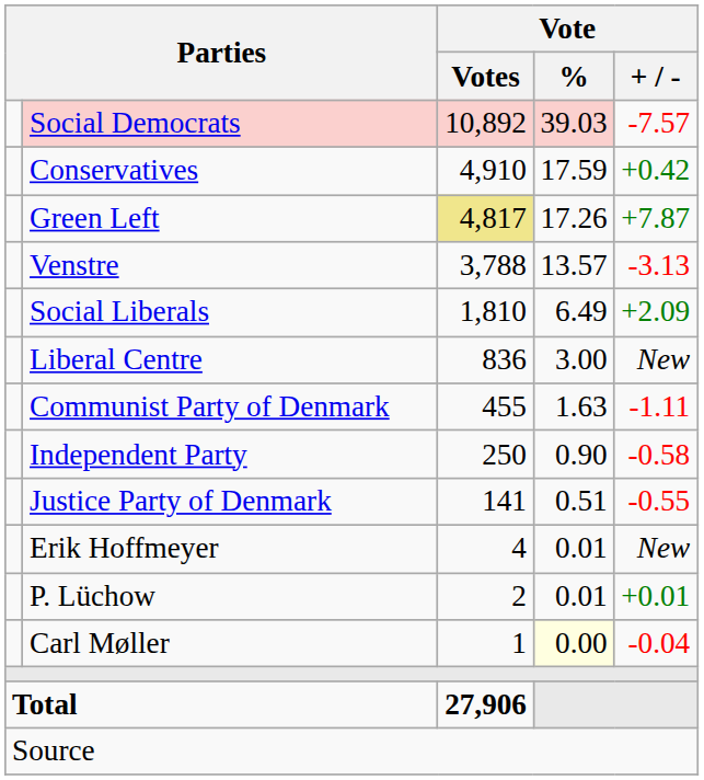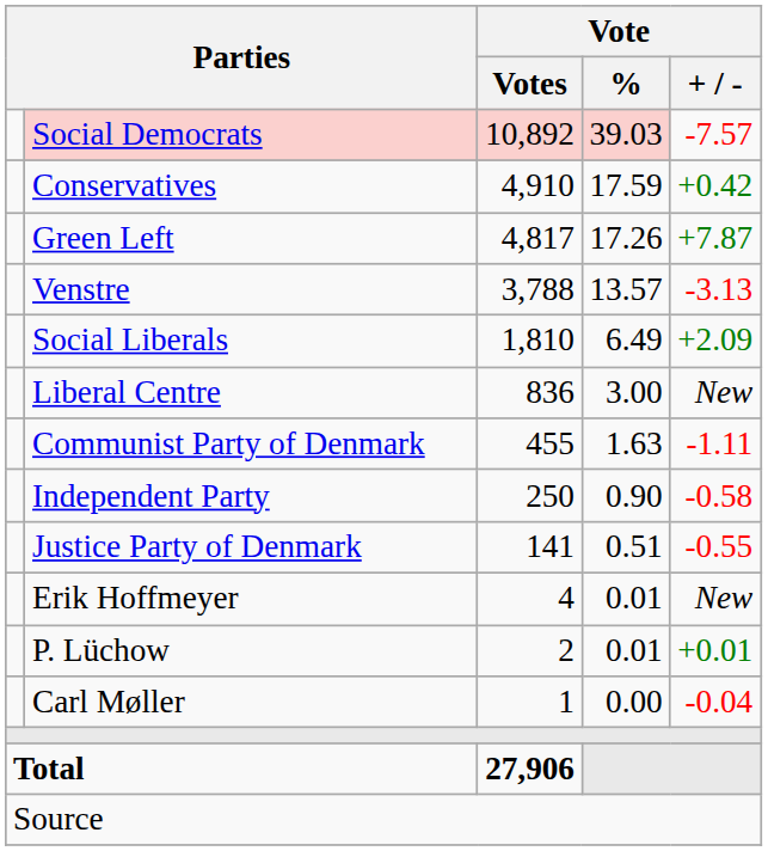 <table class="wikitable" style="text-align:right;">
 <tr>
 <th style="text-align:centre;" rowspan="2" colspan="2" width="225">Parties</th>
 <th colspan="3">Vote</th>
 </tr>
 <tr>
 <th width="15">Votes</th>
 <th width="15">%</th>
 <th width="15">+ / -</th>
 </tr>
 <tr>
 <td width="2" style="color:inherit;background:"></td>
 <td bgcolor=#fbd0ce  align="left"><a href='#'>Social Democrats</a></td>
 <td bgcolor=#fbd0ce>10,892</td>
 <td bgcolor=#fbd0ce>39.03</td>
 <td style=color:red;>-7.57</td>
 </tr>
 <tr>
 <td width="2" style="color:inherit;background:"></td>
 <td align="left"><a href='#'>Conservatives</a></td>
 <td>4,910</td>
 <td>17.59</td>
 <td style=color:green;>+0.42</td>
 </tr>
 <tr>
 <td width="2" style="color:inherit;background:"></td>
 <td align="left"><a href='#'>Green Left</a></td>
-<td style="background: khaki;">4,817</td>
+<td>4,817</td>
 <td>17.26</td>
 <td style=color:green;>+7.87</td>
 </tr>
 <tr>
 <td width="2" style="color:inherit;background:"></td>
 <td align="left"><a href='#'>Venstre</a></td>
 <td>3,788</td>
 <td>13.57</td>
 <td style=color:red;>-3.13</td>
 </tr>
 <tr>
 <td width="2" style="color:inherit;background:"></td>
 <td align="left"><a href='#'>Social Liberals</a></td>
 <td>1,810</td>
 <td>6.49</td>
 <td style=color:green;>+2.09</td>
 </tr>
 <tr>
 <td width="2" style="color:inherit;background:"></td>
 <td align="left"><a href='#'>Liberal Centre</a></td>
 <td>836</td>
 <td>3.00</td>
 <td><em>New</em></td>
 </tr>
 <tr>
 <td width="2" style="color:inherit;background:"></td>
 <td align="left"><a href='#'>Communist Party of Denmark</a></td>
 <td>455</td>
 <td>1.63</td>
 <td style=color:red;>-1.11</td>
 </tr>
 <tr>
 <td width="2" style="color:inherit;background:"></td>
 <td align="left"><a href='#'>Independent Party</a></td>
 <td>250</td>
 <td>0.90</td>
 <td style=color:red;>-0.58</td>
 </tr>
 <tr>
 <td width="2" style="color:inherit;background:"></td>
 <td align="left"><a href='#'>Justice Party of Denmark</a></td>
 <td>141</td>
 <td>0.51</td>
 <td style=color:red;>-0.55</td>
 </tr>
 <tr>
 <td width="2" style="color:inherit;background:"></td>
 <td align="left">Erik Hoffmeyer</td>
 <td>4</td>
 <td>0.01</td>
 <td><em>New</em></td>
 </tr>
 <tr>
 <td width="2" style="color:inherit;background:"></td>
 <td align="left">P. Lüchow</td>
 <td>2</td>
 <td>0.01</td>
 <td style=color:green;>+0.01</td>
 </tr>
 <tr>
 <td width="2" style="color:inherit;background:"></td>
 <td align="left">Carl Møller</td>
 <td>1</td>
-<td style="background: lightyellow;">0.00</td>
+<td>0.00</td>
 <td style=color:red;>-0.04</td>
 </tr>
 <tr>
 <td colspan="7" bgcolor="#E9E9E9"></td>
 </tr>
 <tr>
 <td align="left" colspan="2"><strong>Total</strong></td>
 <td><strong>27,906</strong></td>
 <td bgcolor="#E9E9E9" colspan="2"></td>
 </tr>
 <tr>
 <td align="left" colspan="6">Source</td>
 </tr>
 </table>
